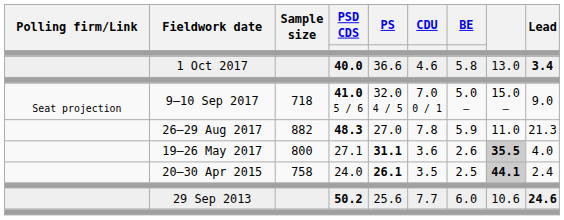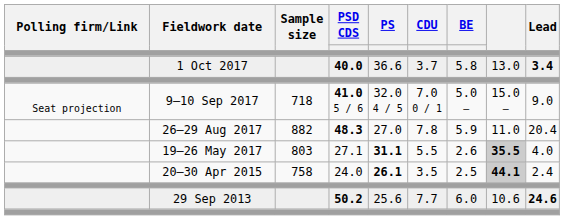 <table class="wikitable collapsible sortable" style="text-align:center; font-size:95%; line-height:16px;">
 <tr style="height:42px;">
 <th style="width:145px;" rowspan="2">Polling firm/Link</th>
 <th style="width:125px;" rowspan="2">Fieldwork date</th>
 <th class="unsortable" style="width:50px;" rowspan="2">Sample size</th>
 <th class="unsortable" style="width:35px;"><a href='#'>PSD</a><br><a href='#'>CDS</a></th>
 <th class="unsortable" style="width:35px;"><a href='#'>PS</a></th>
 <th class="unsortable" style="width:35px;"><a href='#'>CDU</a></th>
 <th class="unsortable" style="width:35px;"><a href='#'>BE</a></th>
 <th class="unsortable" style="width:35px;" rowspan="2"></th>
 <th class="unsortable" style="width:30px;" rowspan="2">Lead</th>
 </tr>
 <tr>
 <th class="unsortable" style="color:inherit;background:"></th>
 <th class="unsortable" style="color:inherit;background:"></th>
 <th class="unsortable" style="color:inherit;background:"></th>
 <th class="unsortable" style="color:inherit;background:"></th>
 </tr>
 <tr>
 <td colspan="9" style="background:#A0A0A0"></td>
 </tr>
 <tr style="background:#EFEFEF;">
 <td><strong></strong></td>
 <td data-sort-value="2019-10-06">1 Oct 2017</td>
 <td></td>
 <td><strong>40.0</strong><br></td>
 <td>36.6<br></td>
-<td>4.6<br></td>
+<td>3.7<br></td>
 <td>5.8<br></td>
 <td>13.0<br></td>
 <td style="background:"><strong>3.4</strong></td>
 </tr>
 <tr>
 <td colspan="9" style="background:#A0A0A0"></td>
 </tr>
 <tr>
 <td align="center"><br><small>Seat projection</small></td>
 <td align="center">9–10 Sep 2017</td>
 <td>718</td>
 <td align="center" ><strong>41.0</strong><br><small>5 / 6</small></td>
 <td align="center">32.0<br><small>4 / 5</small></td>
 <td align="center">7.0<br><small>0 / 1</small></td>
 <td align="center">5.0<br><small>–</small></td>
 <td align="center">15.0<br><small>–</small></td>
 <td style="background:">9.0</td>
 </tr>
 <tr>
 <td align="center"></td>
 <td align="center">26–29 Aug 2017</td>
 <td>882</td>
 <td align="center" ><strong>48.3</strong></td>
 <td align="center">27.0</td>
 <td align="center">7.8</td>
 <td align="center">5.9</td>
 <td align="center">11.0</td>
-<td style="background:">21.3</td>
+<td style="background:">20.4</td>
 </tr>
 <tr>
 <td align="center"></td>
 <td align="center">19–26 May 2017</td>
-<td>800</td>
+<td>803</td>
 <td align="center">27.1</td>
 <td align="center" ><strong>31.1</strong></td>
-<td align="center">3.6</td>
+<td align="center">5.5</td>
 <td align="center">2.6</td>
 <td align="center" style="background:#cccccc"><strong>35.5</strong></td>
 <td style="background:">4.0</td>
 </tr>
 <tr>
 <td align="center"></td>
 <td align="center">20–30 Apr 2015</td>
 <td>758</td>
 <td align="center">24.0</td>
 <td align="center" ><strong>26.1</strong></td>
 <td align="center">3.5</td>
 <td align="center">2.5</td>
 <td align="center" style="background:#cccccc"><strong>44.1</strong></td>
 <td style="background:">2.4</td>
 </tr>
 <tr>
 <td colspan="9" style="background:#A0A0A0"></td>
 </tr>
 <tr style="background:#EFEFEF;">
 <td><strong></strong></td>
 <td data-sort-value="2019-10-06">29 Sep 2013</td>
 <td></td>
 <td><strong>50.2</strong><br></td>
 <td>25.6<br></td>
 <td>7.7<br></td>
 <td>6.0<br></td>
 <td>10.6</td>
 <td style="background:"><strong>24.6</strong></td>
 </tr>
 <tr>
 <td colspan="9" style="background:#A0A0A0"></td>
 </tr>
 </table>
